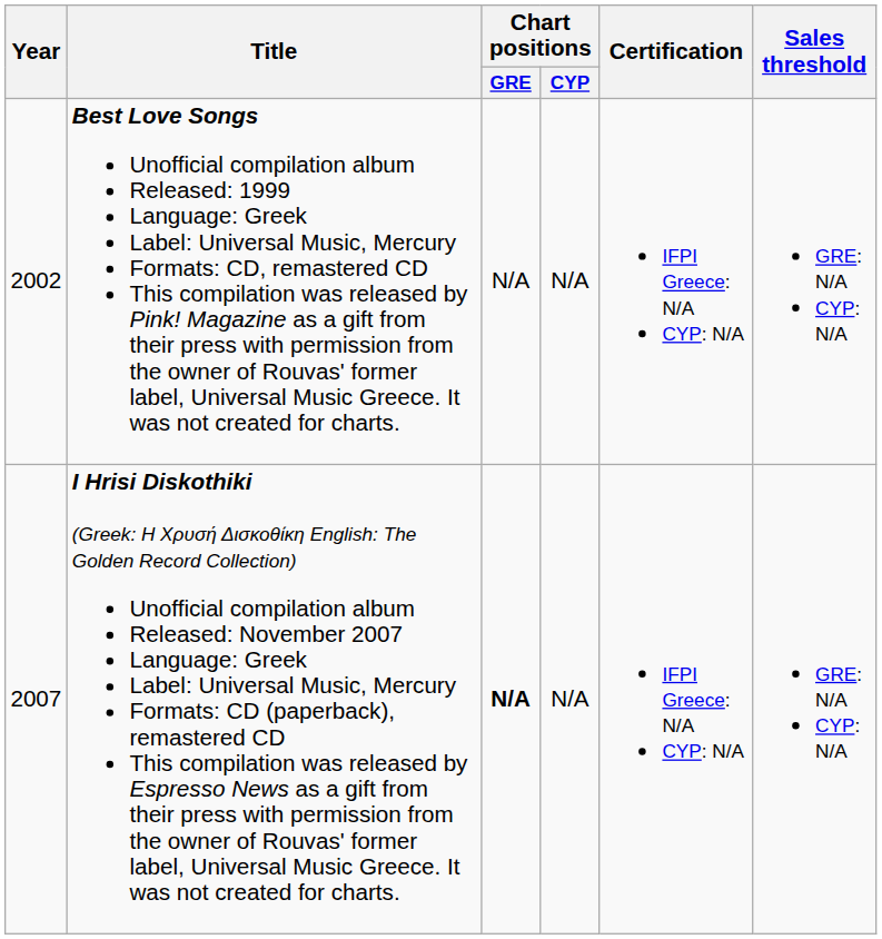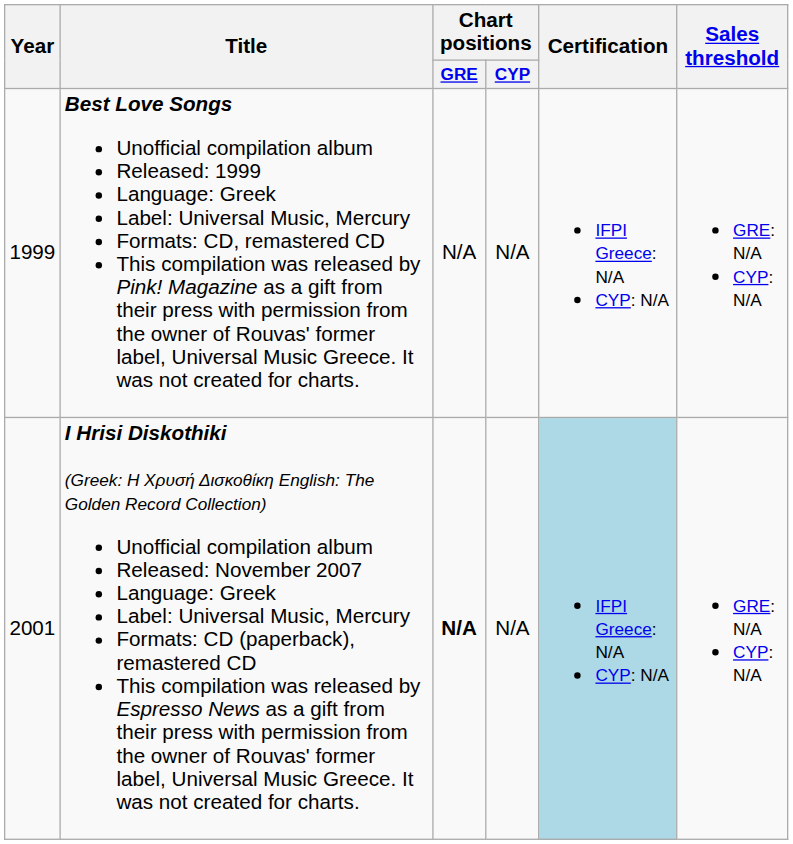 <table class="wikitable">
 <tr>
 <th rowspan="2">Year</th>
 <th rowspan="2">Title</th>
 <th colspan="2">Chart positions</th>
 <th rowspan="2">Certification</th>
 <th rowspan="2"><a href='#'>Sales threshold</a></th>
 </tr>
 <tr style="font-size:smaller;">
 <th width="35"><a href='#'>GRE</a></th>
 <th width="35"><a href='#'>CYP</a></th>
 </tr>
 <tr>
-<td style="text-align:center;">2002</td>
+<td style="text-align:center;">1999</td>
 <td><strong><em>Best Love Songs</em></strong><br><ul><li>Unofficial compilation album</li><li>Released: 1999</li><li>Language: Greek</li><li>Label: Universal Music, Mercury</li><li>Formats: CD, remastered CD</li><li>This compilation was released by <em>Pink! Magazine</em> as a gift from their press with permission from the owner of Rouvas' former label, Universal Music Greece. It was not created for charts.</li></ul></td>
 <td style="text-align:center;">N/A</td>
 <td style="text-align:center;">N/A</td>
 <td align="left"><br><ul><li><small><a href='#'>IFPI Greece</a>: N/A</small></li><li><small> <a href='#'>CYP</a>: N/A</small></li></ul></td>
 <td align="left"><br><ul><li><small><a href='#'>GRE</a>: N/A</small></li><li><small><a href='#'>CYP</a>: N/A</small></li></ul></td>
 </tr>
 <tr>
-<td style="text-align:center;">2007</td>
+<td style="text-align:center;">2001</td>
 <td><strong><em>I Hrisi Diskothiki</em></strong>  <br><br><em><small>(Greek: Η Χρυσή Δισκοθίκη English: The Golden Record Collection)</small></em><ul><li>Unofficial compilation album</li><li>Released: November 2007</li><li>Language: Greek</li><li>Label: Universal Music, Mercury</li><li>Formats: CD (paperback), remastered CD</li><li>This compilation was released by <em>Espresso News</em> as a gift from their press with permission from the owner of Rouvas' former label, Universal Music Greece. It was not created for charts.</li></ul></td>
 <td style="text-align:center;"><strong>N/A</strong></td>
 <td style="text-align:center;">N/A</td>
-<td align="left"><br><ul><li><small><a href='#'>IFPI Greece</a>: N/A</small></li><li><small> <a href='#'>CYP</a>: N/A</small></li></ul></td>
+<td align="left" style="background: lightblue;"><br><ul><li><small><a href='#'>IFPI Greece</a>: N/A</small></li><li><small> <a href='#'>CYP</a>: N/A</small></li></ul></td>
 <td align="left"><br><ul><li><small><a href='#'>GRE</a>: N/A</small></li><li><small><a href='#'>CYP</a>: N/A</small></li></ul></td>
 </tr>
 </table>
